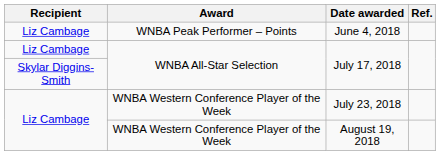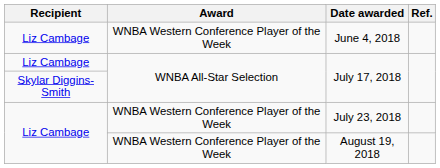 <table class="wikitable sortable sortable" style="text-align: center">
 <tr>
 <th>Recipient</th>
 <th>Award</th>
 <th>Date awarded</th>
 <th>Ref.</th>
 </tr>
 <tr>
 <td><a href='#'>Liz Cambage</a></td>
-<td>WNBA Peak Performer – Points</td>
+<td>WNBA Western Conference Player of the Week</td>
 <td>June 4, 2018</td>
 <td></td>
 </tr>
 <tr>
 <td><a href='#'>Liz Cambage</a></td>
 <td rowspan="2">WNBA All-Star Selection</td>
 <td rowspan="2">July 17, 2018</td>
 <td rowspan="2"></td>
 </tr>
 <tr>
 <td><a href='#'>Skylar Diggins-Smith</a></td>
 </tr>
 <tr>
 <td rowspan=2><a href='#'>Liz Cambage</a></td>
 <td>WNBA Western Conference Player of the Week</td>
 <td>July 23, 2018</td>
 <td></td>
 </tr>
 <tr>
 <td>WNBA Western Conference Player of the Week</td>
 <td>August 19, 2018</td>
 <td></td>
 </tr>
 </table>
